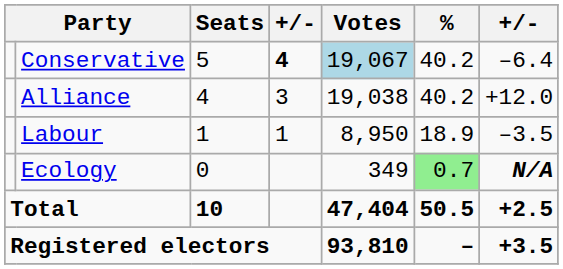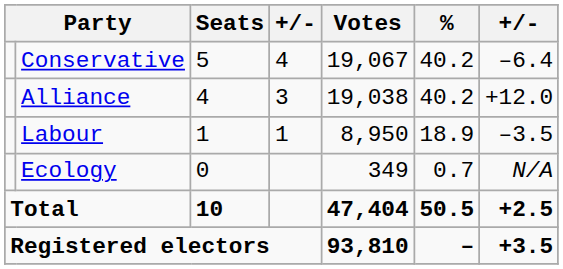 <table class="wikitable sortable">
 <tr>
 <th colspan="2">Party</th>
 <th>Seats</th>
 <th>+/-</th>
 <th>Votes</th>
 <th>%</th>
 <th>+/-</th>
 </tr>
 <tr>
 <td style="background-color: "></td>
 <td><a href='#'>Conservative</a></td>
 <td>5</td>
-<td><strong> 4</strong></td>
-<td style="background: lightblue; text-align:right;">19,067</td>
+<td> 4</td>
+<td style="text-align:right;">19,067</td>
 <td style="text-align:right;">40.2</td>
 <td style="text-align:right;">–6.4</td>
 </tr>
 <tr>
 <td style="background-color: "></td>
 <td><a href='#'>Alliance</a></td>
 <td>4</td>
 <td> 3</td>
 <td style="text-align:right;">19,038</td>
 <td style="text-align:right;">40.2</td>
 <td style="text-align:right;">+12.0</td>
 </tr>
 <tr>
 <td style="background-color: "></td>
 <td><a href='#'>Labour</a></td>
 <td>1</td>
 <td> 1</td>
 <td style="text-align:right;">8,950</td>
 <td style="text-align:right;">18.9</td>
 <td style="text-align:right;">–3.5</td>
 </tr>
 <tr>
 <td style="background-color: "></td>
 <td><a href='#'>Ecology</a></td>
 <td>0</td>
 <td></td>
 <td style="text-align:right;">349</td>
-<td style="background: lightgreen; text-align:right;">0.7</td>
-<td style="text-align:right;"><strong><em>N/A</em></strong></td>
+<td style="text-align:right;">0.7</td>
+<td style="text-align:right;"><em>N/A</em></td>
 </tr>
 <tr>
 <td colspan="2"><strong>Total</strong></td>
 <td><strong>10</strong></td>
 <td></td>
 <td style="text-align:right;"><strong>47,404</strong></td>
 <td style="text-align:right;"><strong>50.5</strong></td>
 <td style="text-align:right;"><strong>+2.5</strong></td>
 </tr>
 <tr>
 <td colspan="4"><strong>Registered electors</strong></td>
 <td style="text-align:right;"><strong>93,810</strong></td>
 <td style="text-align:right;"><strong>–</strong></td>
 <td style="text-align:right;"><strong>+3.5</strong></td>
 </tr>
 </table>
